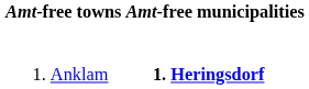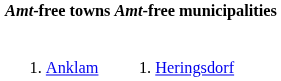 <table>
 <tr ---->
 <th><em>Amt</em>-free towns</th>
 <th><em>Amt</em>-free municipalities</th>
 </tr>
 <tr>
 <td valign=top><br><ol><li><a href='#'>Anklam</a></li></ol></td>
-<td valign=top><strong><br><ol><li><a href='#'>Heringsdorf</a></li></ol></strong></td>
+<td valign=top><br><ol><li><a href='#'>Heringsdorf</a></li></ol></td>
 </tr>
 </table>
